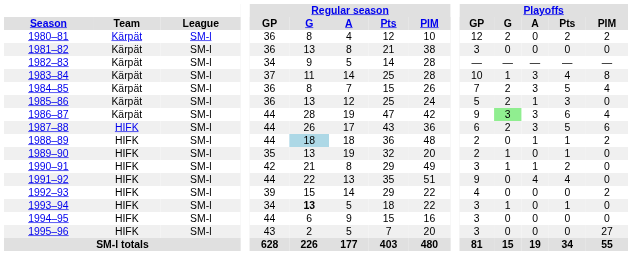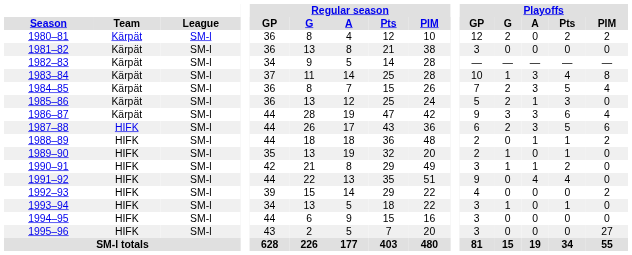 <table border="0" cellpadding="1" cellspacing="0" style="text-align:center; width:60em">
 <tr bgcolor="#e0e0e0">
 <th colspan="3" bgcolor="#ffffff"> </th>
 <th rowspan="99" bgcolor="#ffffff"> </th>
 <th colspan="5"><a href='#'>Regular season</a></th>
 <th rowspan="99" bgcolor="#ffffff"> </th>
 <th colspan="5"><a href='#'>Playoffs</a></th>
 </tr>
 <tr bgcolor="#e0e0e0">
 <th><a href='#'>Season</a></th>
 <th>Team</th>
 <th>League</th>
 <th>GP</th>
 <th><a href='#'>G</a></th>
 <th><a href='#'>A</a></th>
 <th><a href='#'>Pts</a></th>
 <th><a href='#'>PIM</a></th>
 <th>GP</th>
 <th>G</th>
 <th>A</th>
 <th>Pts</th>
 <th>PIM</th>
 </tr>
 <tr>
 <td><a href='#'>1980–81</a></td>
 <td><a href='#'>Kärpät</a></td>
 <td><a href='#'>SM-l</a></td>
 <td>36</td>
 <td>8</td>
 <td>4</td>
 <td>12</td>
 <td>10</td>
 <td>12</td>
 <td>2</td>
 <td>0</td>
 <td>2</td>
 <td>2</td>
 </tr>
 <tr bgcolor="#f0f0f0">
 <td><a href='#'>1981–82</a></td>
 <td>Kärpät</td>
 <td>SM-l</td>
 <td>36</td>
 <td>13</td>
 <td>8</td>
 <td>21</td>
 <td>38</td>
 <td>3</td>
 <td>0</td>
 <td>0</td>
 <td>0</td>
 <td>0</td>
 </tr>
 <tr>
 <td><a href='#'>1982–83</a></td>
 <td>Kärpät</td>
 <td>SM-l</td>
 <td>34</td>
 <td>9</td>
 <td>5</td>
 <td>14</td>
 <td>28</td>
 <td>—</td>
 <td>—</td>
 <td>—</td>
 <td>—</td>
 <td>—</td>
 </tr>
 <tr bgcolor="#f0f0f0">
 <td><a href='#'>1983–84</a></td>
 <td>Kärpät</td>
 <td>SM-l</td>
 <td>37</td>
 <td>11</td>
 <td>14</td>
 <td>25</td>
 <td>28</td>
 <td>10</td>
 <td>1</td>
 <td>3</td>
 <td>4</td>
 <td>8</td>
 </tr>
 <tr>
 <td><a href='#'>1984–85</a></td>
 <td>Kärpät</td>
 <td>SM-l</td>
 <td>36</td>
 <td>8</td>
 <td>7</td>
 <td>15</td>
 <td>26</td>
 <td>7</td>
 <td>2</td>
 <td>3</td>
 <td>5</td>
 <td>4</td>
 </tr>
 <tr bgcolor="#f0f0f0">
 <td><a href='#'>1985–86</a></td>
 <td>Kärpät</td>
 <td>SM-l</td>
 <td>36</td>
 <td>13</td>
 <td>12</td>
 <td>25</td>
 <td>24</td>
 <td>5</td>
 <td>2</td>
 <td>1</td>
 <td>3</td>
 <td>0</td>
 </tr>
 <tr>
 <td><a href='#'>1986–87</a></td>
 <td>Kärpät</td>
 <td>SM-l</td>
 <td>44</td>
 <td>28</td>
 <td>19</td>
 <td>47</td>
 <td>42</td>
 <td>9</td>
-<td style="background: lightgreen;">3</td>
+<td>3</td>
 <td>3</td>
 <td>6</td>
 <td>4</td>
 </tr>
 <tr bgcolor="#f0f0f0">
 <td><a href='#'>1987–88</a></td>
 <td><a href='#'>HIFK</a></td>
 <td>SM-l</td>
 <td>44</td>
 <td>26</td>
 <td>17</td>
 <td>43</td>
 <td>36</td>
 <td>6</td>
 <td>2</td>
 <td>3</td>
 <td>5</td>
 <td>6</td>
 </tr>
 <tr>
 <td><a href='#'>1988–89</a></td>
 <td>HIFK</td>
 <td>SM-l</td>
 <td>44</td>
-<td style="background: lightblue;">18</td>
+<td>18</td>
 <td>18</td>
 <td>36</td>
 <td>48</td>
 <td>2</td>
 <td>0</td>
 <td>1</td>
 <td>1</td>
 <td>2</td>
 </tr>
 <tr bgcolor="#f0f0f0">
 <td><a href='#'>1989–90</a></td>
 <td>HIFK</td>
 <td>SM-l</td>
 <td>35</td>
 <td>13</td>
 <td>19</td>
 <td>32</td>
 <td>20</td>
 <td>2</td>
 <td>1</td>
 <td>0</td>
 <td>1</td>
 <td>0</td>
 </tr>
 <tr>
 <td><a href='#'>1990–91</a></td>
 <td>HIFK</td>
 <td>SM-l</td>
 <td>42</td>
 <td>21</td>
 <td>8</td>
 <td>29</td>
 <td>49</td>
 <td>3</td>
 <td>1</td>
 <td>1</td>
 <td>2</td>
 <td>0</td>
 </tr>
 <tr bgcolor="#f0f0f0">
 <td><a href='#'>1991–92</a></td>
 <td>HIFK</td>
 <td>SM-l</td>
 <td>44</td>
 <td>22</td>
 <td>13</td>
 <td>35</td>
 <td>51</td>
 <td>9</td>
 <td>0</td>
 <td>4</td>
 <td>4</td>
 <td>0</td>
 </tr>
 <tr>
 <td><a href='#'>1992–93</a></td>
 <td>HIFK</td>
 <td>SM-l</td>
 <td>39</td>
 <td>15</td>
 <td>14</td>
 <td>29</td>
 <td>22</td>
 <td>4</td>
 <td>0</td>
 <td>0</td>
 <td>0</td>
 <td>2</td>
 </tr>
 <tr bgcolor="#f0f0f0">
 <td><a href='#'>1993–94</a></td>
 <td>HIFK</td>
 <td>SM-l</td>
 <td>34</td>
-<td><strong>13</strong></td>
+<td>13</td>
 <td>5</td>
 <td>18</td>
 <td>22</td>
 <td>3</td>
 <td>1</td>
 <td>0</td>
 <td>1</td>
 <td>0</td>
 </tr>
 <tr>
 <td><a href='#'>1994–95</a></td>
 <td>HIFK</td>
 <td>SM-l</td>
 <td>44</td>
 <td>6</td>
 <td>9</td>
 <td>15</td>
 <td>16</td>
 <td>3</td>
 <td>0</td>
 <td>0</td>
 <td>0</td>
 <td>0</td>
 </tr>
 <tr bgcolor="#f0f0f0">
 <td><a href='#'>1995–96</a></td>
 <td>HIFK</td>
 <td>SM-l</td>
 <td>43</td>
 <td>2</td>
 <td>5</td>
 <td>7</td>
 <td>20</td>
 <td>3</td>
 <td>0</td>
 <td>0</td>
 <td>0</td>
 <td>27</td>
 </tr>
 <tr bgcolor="#e0e0e0">
 <th colspan="3">SM-l totals</th>
 <th>628</th>
 <th>226</th>
 <th>177</th>
 <th>403</th>
 <th>480</th>
 <th>81</th>
 <th>15</th>
 <th>19</th>
 <th>34</th>
 <th>55</th>
 </tr>
 </table>
